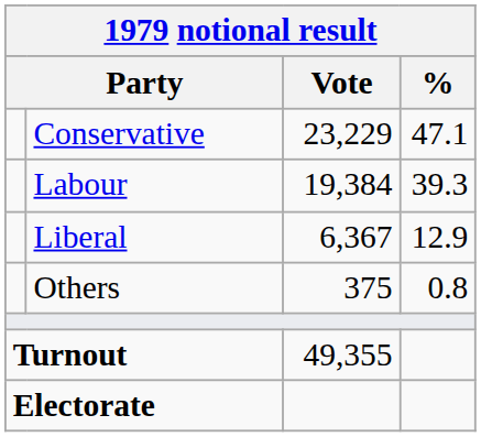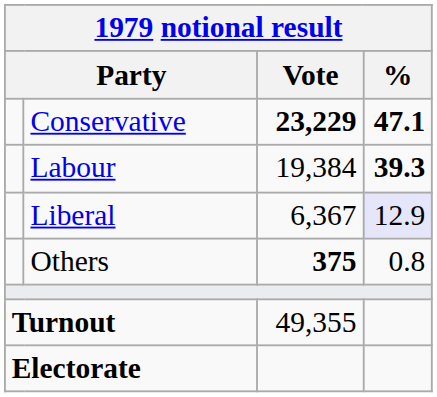 <table class="wikitable">
 <tr>
 <th colspan="4"><a href='#'>1979</a> <a href='#'>notional result</a></th>
 </tr>
 <tr>
 <th bgcolor="#DDDDFF" width="130px" colspan="2">Party</th>
 <th bgcolor="#DDDDFF" width="50px">Vote</th>
 <th bgcolor="#DDDDFF" width="30px">%</th>
 </tr>
 <tr>
 <td></td>
 <td><a href='#'>Conservative</a></td>
-<td align=right>23,229</td>
-<td align=right>47.1</td>
+<td align=right><strong>23,229</strong></td>
+<td align=right><strong>47.1</strong></td>
 </tr>
 <tr>
 <td></td>
 <td><a href='#'>Labour</a></td>
 <td align=right>19,384</td>
-<td align=right>39.3</td>
+<td align=right><strong>39.3</strong></td>
 </tr>
 <tr>
 <td></td>
 <td><a href='#'>Liberal</a></td>
 <td align=right>6,367</td>
-<td align=right>12.9</td>
+<td align=right style="background: lavender;">12.9</td>
 </tr>
 <tr>
 <td></td>
 <td>Others</td>
-<td align=right>375</td>
+<td align=right><strong>375</strong></td>
 <td align=right>0.8</td>
 </tr>
 <tr>
 <td colspan="4" bgcolor="#EAECF0"></td>
 </tr>
 <tr>
 <td colspan="2"><strong>Turnout</strong></td>
 <td align=right>49,355</td>
 <td align=right></td>
 </tr>
 <tr>
 <td colspan="2"><strong>Electorate</strong></td>
 <td align=right></td>
 </tr>
 </table>
